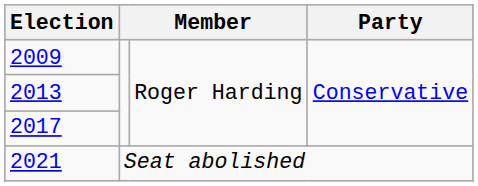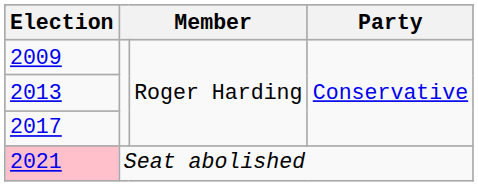 <table class="wikitable">
 <tr>
 <th>Election</th>
 <th colspan="2">Member</th>
 <th>Party</th>
 </tr>
 <tr>
 <td><a href='#'>2009</a></td>
 <td rowspan="3" style="background-color: "></td>
 <td rowspan="3">Roger Harding</td>
 <td rowspan="3"><a href='#'>Conservative</a></td>
 </tr>
 <tr>
 <td><a href='#'>2013</a></td>
 </tr>
 <tr>
 <td><a href='#'>2017</a></td>
 </tr>
 <tr>
-<td><a href='#'>2021</a></td>
+<td style="background: pink;"><a href='#'>2021</a></td>
 <td colspan="3"><em>Seat abolished</em></td>
 </tr>
 </table>
